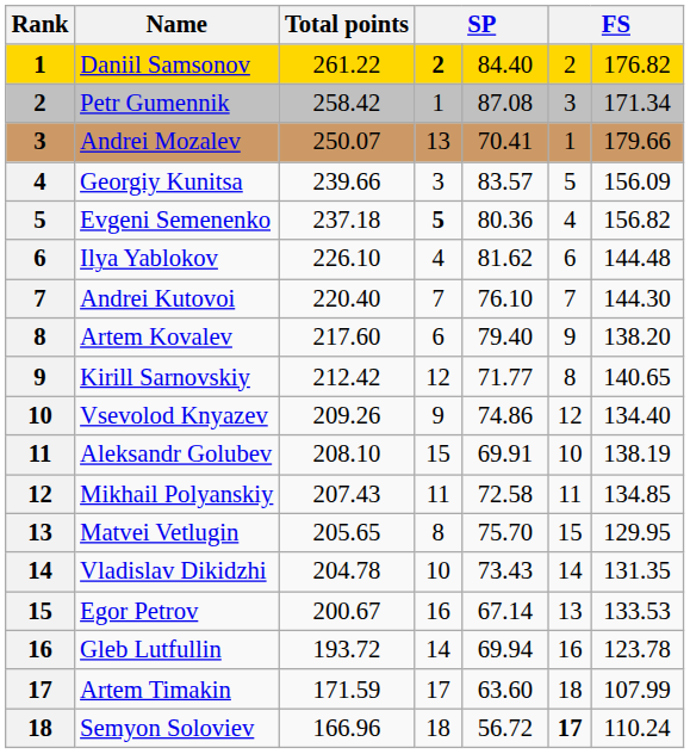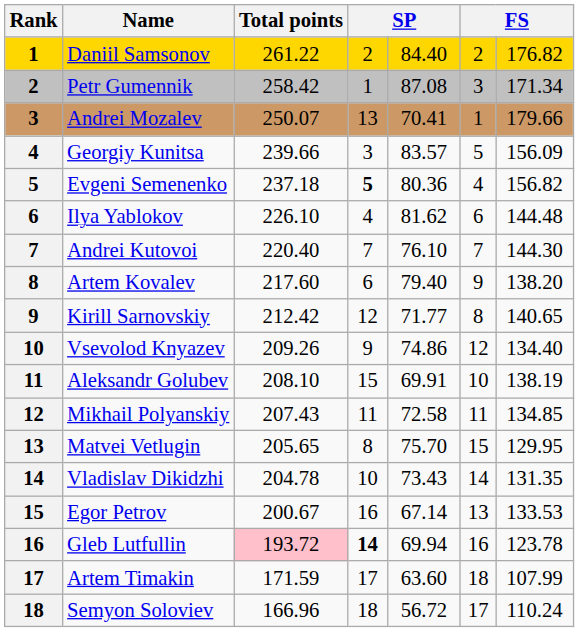 <table class="wikitable sortable">
 <tr>
 <th>Rank</th>
 <th>Name</th>
 <th>Total points</th>
 <th colspan="2" width="80px"><a href='#'>SP</a></th>
 <th colspan="2" width="80px"><a href='#'>FS</a></th>
 </tr>
 <tr bgcolor="gold">
 <td align="center"><strong>1</strong></td>
 <td><a href='#'>Daniil Samsonov</a></td>
 <td align="center">261.22</td>
-<td align="center"><strong>2</strong></td>
+<td align="center">2</td>
 <td align="center">84.40</td>
 <td align="center">2</td>
 <td align="center">176.82</td>
 </tr>
 <tr bgcolor="silver">
 <td align="center"><strong>2</strong></td>
 <td><a href='#'>Petr Gumennik</a></td>
 <td align="center">258.42</td>
 <td align="center">1</td>
 <td align="center">87.08</td>
 <td align="center">3</td>
 <td align="center">171.34</td>
 </tr>
 <tr bgcolor="cc9966">
 <td align="center"><strong>3</strong></td>
 <td><a href='#'>Andrei Mozalev</a></td>
 <td align="center">250.07</td>
 <td align="center">13</td>
 <td align="center">70.41</td>
 <td align="center">1</td>
 <td align="center">179.66</td>
 </tr>
 <tr>
 <th>4</th>
 <td><a href='#'>Georgiy Kunitsa</a></td>
 <td align="center">239.66</td>
 <td align="center">3</td>
 <td align="center">83.57</td>
 <td align="center">5</td>
 <td align="center">156.09</td>
 </tr>
 <tr>
 <th>5</th>
 <td><a href='#'>Evgeni Semenenko</a></td>
 <td align="center">237.18</td>
 <td align="center"><strong>5</strong></td>
 <td align="center">80.36</td>
 <td align="center">4</td>
 <td align="center">156.82</td>
 </tr>
 <tr>
 <th>6</th>
 <td><a href='#'>Ilya Yablokov</a></td>
 <td align="center">226.10</td>
 <td align="center">4</td>
 <td align="center">81.62</td>
 <td align="center">6</td>
 <td align="center">144.48</td>
 </tr>
 <tr>
 <th>7</th>
 <td><a href='#'>Andrei Kutovoi</a></td>
 <td align="center">220.40</td>
 <td align="center">7</td>
 <td align="center">76.10</td>
 <td align="center">7</td>
 <td align="center">144.30</td>
 </tr>
 <tr>
 <th>8</th>
 <td><a href='#'>Artem Kovalev</a></td>
 <td align="center">217.60</td>
 <td align="center">6</td>
 <td align="center">79.40</td>
 <td align="center">9</td>
 <td align="center">138.20</td>
 </tr>
 <tr>
 <th>9</th>
 <td><a href='#'>Kirill Sarnovskiy</a></td>
 <td align="center">212.42</td>
 <td align="center">12</td>
 <td align="center">71.77</td>
 <td align="center">8</td>
 <td align="center">140.65</td>
 </tr>
 <tr>
 <th>10</th>
 <td><a href='#'>Vsevolod Knyazev</a></td>
 <td align="center">209.26</td>
 <td align="center">9</td>
 <td align="center">74.86</td>
 <td align="center">12</td>
 <td align="center">134.40</td>
 </tr>
 <tr>
 <th>11</th>
 <td><a href='#'>Aleksandr Golubev</a></td>
 <td align="center">208.10</td>
 <td align="center">15</td>
 <td align="center">69.91</td>
 <td align="center">10</td>
 <td align="center">138.19</td>
 </tr>
 <tr>
 <th>12</th>
 <td><a href='#'>Mikhail Polyanskiy</a></td>
 <td align="center">207.43</td>
 <td align="center">11</td>
 <td align="center">72.58</td>
 <td align="center">11</td>
 <td align="center">134.85</td>
 </tr>
 <tr>
 <th>13</th>
 <td><a href='#'>Matvei Vetlugin</a></td>
 <td align="center">205.65</td>
 <td align="center">8</td>
 <td align="center">75.70</td>
 <td align="center">15</td>
 <td align="center">129.95</td>
 </tr>
 <tr>
 <th>14</th>
 <td><a href='#'>Vladislav Dikidzhi</a></td>
 <td align="center">204.78</td>
 <td align="center">10</td>
 <td align="center">73.43</td>
 <td align="center">14</td>
 <td align="center">131.35</td>
 </tr>
 <tr>
 <th>15</th>
 <td><a href='#'>Egor Petrov</a></td>
 <td align="center">200.67</td>
 <td align="center">16</td>
 <td align="center">67.14</td>
 <td align="center">13</td>
 <td align="center">133.53</td>
 </tr>
 <tr>
 <th>16</th>
 <td><a href='#'>Gleb Lutfullin</a></td>
-<td align="center">193.72</td>
-<td align="center">14</td>
+<td align="center" style="background: pink;">193.72</td>
+<td align="center"><strong>14</strong></td>
 <td align="center">69.94</td>
 <td align="center">16</td>
 <td align="center">123.78</td>
 </tr>
 <tr>
 <th>17</th>
 <td><a href='#'>Artem Timakin</a></td>
 <td align="center">171.59</td>
 <td align="center">17</td>
 <td align="center">63.60</td>
 <td align="center">18</td>
 <td align="center">107.99</td>
 </tr>
 <tr>
 <th>18</th>
 <td><a href='#'>Semyon Soloviev</a></td>
 <td align="center">166.96</td>
 <td align="center">18</td>
 <td align="center">56.72</td>
-<td align="center"><strong>17</strong></td>
+<td align="center">17</td>
 <td align="center">110.24</td>
 </tr>
 </table>
